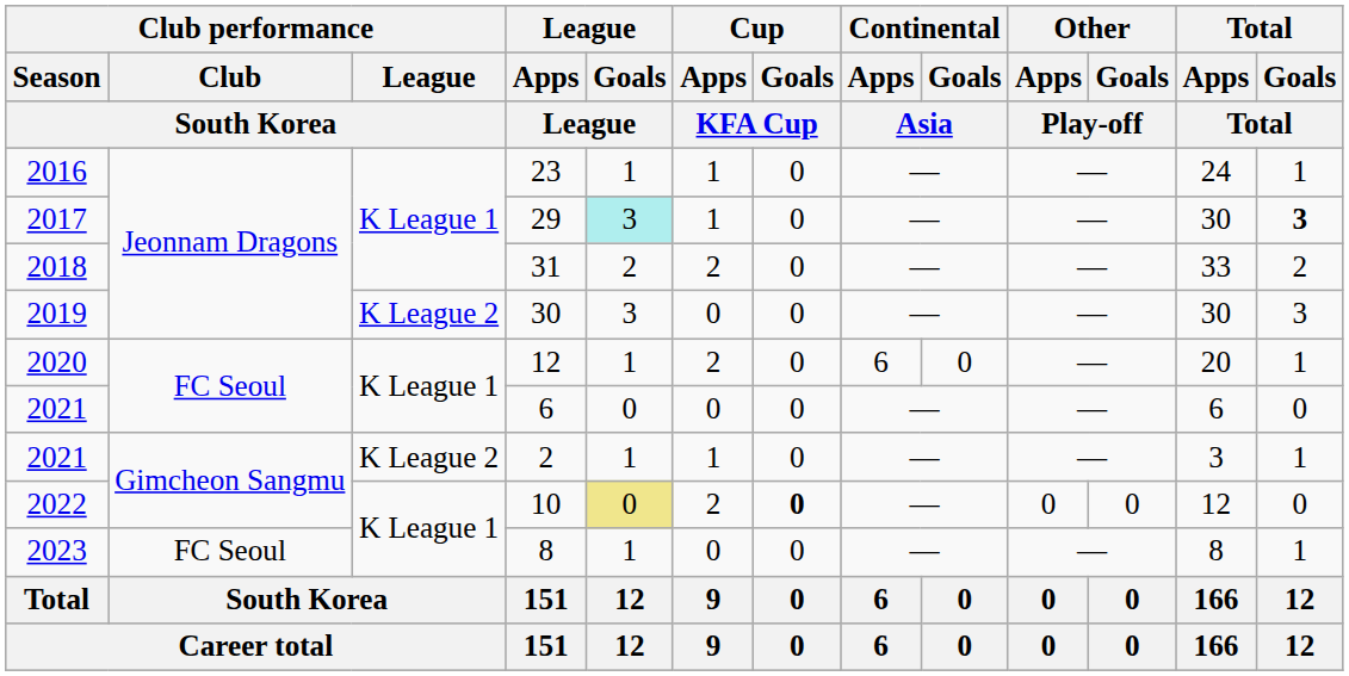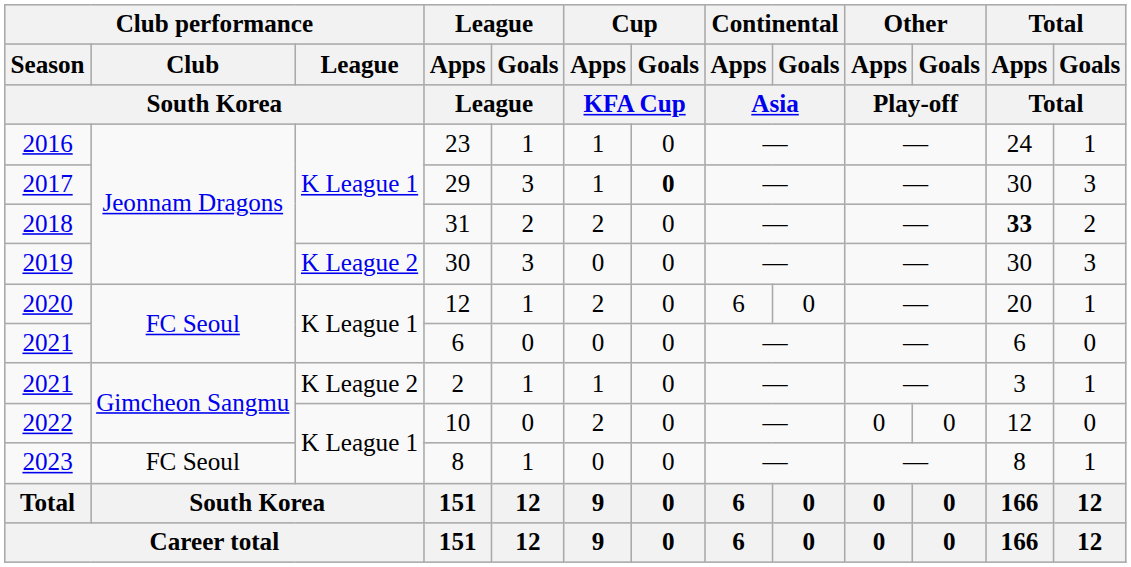 <table class="wikitable" style="text-align:center">
 <tr>
 <th colspan=3>Club performance</th>
 <th colspan=2>League</th>
 <th colspan=2>Cup</th>
 <th colspan=2>Continental</th>
 <th colspan=2>Other</th>
 <th colspan=2>Total</th>
 </tr>
 <tr>
 <th>Season</th>
 <th>Club</th>
 <th>League</th>
 <th>Apps</th>
 <th>Goals</th>
 <th>Apps</th>
 <th>Goals</th>
 <th>Apps</th>
 <th>Goals</th>
 <th>Apps</th>
 <th>Goals</th>
 <th>Apps</th>
 <th>Goals</th>
 </tr>
 <tr>
 <th colspan=3>South Korea</th>
 <th colspan=2>League</th>
 <th colspan=2><a href='#'>KFA Cup</a></th>
 <th colspan=2><a href='#'>Asia</a></th>
 <th colspan=2>Play-off</th>
 <th colspan=2>Total</th>
 </tr>
 <tr>
 <td><a href='#'>2016</a></td>
 <td rowspan=4><a href='#'>Jeonnam Dragons</a></td>
 <td rowspan=3><a href='#'>K League 1</a></td>
 <td>23</td>
 <td>1</td>
 <td>1</td>
 <td>0</td>
 <td colspan=2>—</td>
 <td colspan=2>—</td>
 <td>24</td>
 <td>1</td>
 </tr>
 <tr>
 <td><a href='#'>2017</a></td>
 <td>29</td>
-<td style="background: paleturquoise;">3</td>
+<td>3</td>
 <td>1</td>
-<td>0</td>
+<td><strong>0</strong></td>
 <td colspan=2>—</td>
 <td colspan=2>—</td>
 <td>30</td>
-<td><strong>3</strong></td>
+<td>3</td>
 </tr>
 <tr>
 <td><a href='#'>2018</a></td>
 <td>31</td>
 <td>2</td>
 <td>2</td>
 <td>0</td>
 <td colspan=2>—</td>
 <td colspan=2>—</td>
-<td>33</td>
+<td><strong>33</strong></td>
 <td>2</td>
 </tr>
 <tr>
 <td><a href='#'>2019</a></td>
 <td><a href='#'>K League 2</a></td>
 <td>30</td>
 <td>3</td>
 <td>0</td>
 <td>0</td>
 <td colspan=2>—</td>
 <td colspan=2>—</td>
 <td>30</td>
 <td>3</td>
 </tr>
 <tr>
 <td><a href='#'>2020</a></td>
 <td rowspan=2><a href='#'>FC Seoul</a></td>
 <td rowspan=2>K League 1</td>
 <td>12</td>
 <td>1</td>
 <td>2</td>
 <td>0</td>
 <td>6</td>
 <td>0</td>
 <td colspan=2>—</td>
 <td>20</td>
 <td>1</td>
 </tr>
 <tr>
 <td><a href='#'>2021</a></td>
 <td>6</td>
 <td>0</td>
 <td>0</td>
 <td>0</td>
 <td colspan=2>—</td>
 <td colspan=2>—</td>
 <td>6</td>
 <td>0</td>
 </tr>
 <tr>
 <td><a href='#'>2021</a></td>
 <td rowspan=2><a href='#'>Gimcheon Sangmu</a></td>
 <td>K League 2</td>
 <td>2</td>
 <td>1</td>
 <td>1</td>
 <td>0</td>
 <td colspan=2>—</td>
 <td colspan=2>—</td>
 <td>3</td>
 <td>1</td>
 </tr>
 <tr>
 <td><a href='#'>2022</a></td>
 <td rowspan=2>K League 1</td>
 <td>10</td>
-<td style="background: khaki;">0</td>
+<td>0</td>
 <td>2</td>
-<td><strong>0</strong></td>
+<td>0</td>
 <td colspan=2>—</td>
 <td>0</td>
 <td>0</td>
 <td>12</td>
 <td>0</td>
 </tr>
 <tr>
 <td><a href='#'>2023</a></td>
 <td>FC Seoul</td>
 <td>8</td>
 <td>1</td>
 <td>0</td>
 <td>0</td>
 <td colspan=2>—</td>
 <td colspan=2>—</td>
 <td>8</td>
 <td>1</td>
 </tr>
 <tr>
 <th>Total</th>
 <th colspan=2>South Korea</th>
 <th>151</th>
 <th>12</th>
 <th>9</th>
 <th>0</th>
 <th>6</th>
 <th>0</th>
 <th>0</th>
 <th>0</th>
 <th>166</th>
 <th>12</th>
 </tr>
 <tr>
 <th colspan=3>Career total</th>
 <th>151</th>
 <th>12</th>
 <th>9</th>
 <th>0</th>
 <th>6</th>
 <th>0</th>
 <th>0</th>
 <th>0</th>
 <th>166</th>
 <th>12</th>
 </tr>
 </table>
